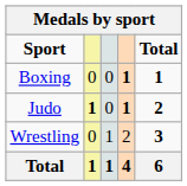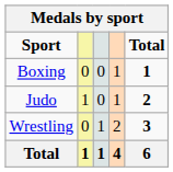 <table class="wikitable" style="font-size:85%; float:right;">
 <tr style="background:#efefef;">
 <th colspan=5><strong>Medals by sport</strong></th>
 </tr>
 <tr align=center>
 <td><strong>Sport</strong></td>
 <td style="background:#f7f6a8;"></td>
 <td style="background:#dce5e5;"></td>
 <td style="background:#ffdab9;"></td>
 <td><strong>Total</strong></td>
 </tr>
 <tr align=center>
 <td><a href='#'>Boxing</a></td>
 <td style="background:#f7f6a8;">0</td>
 <td style="background:#dce5e5;">0</td>
-<td style="background:#ffdab9;"><strong>1</strong></td>
+<td style="background:#ffdab9;">1</td>
 <td><strong>1</strong></td>
 </tr>
 <tr align=center>
 <td><a href='#'>Judo</a></td>
-<td style="background:#f7f6a8;"><strong>1</strong></td>
+<td style="background:#f7f6a8;">1</td>
 <td style="background:#dce5e5;">0</td>
-<td style="background:#ffdab9;"><strong>1</strong></td>
+<td style="background:#ffdab9;">1</td>
 <td><strong>2</strong></td>
 </tr>
 <tr align=center>
 <td><a href='#'>Wrestling</a></td>
 <td style="background:#f7f6a8;">0</td>
 <td style="background:#dce5e5;">1</td>
 <td style="background:#ffdab9;">2</td>
 <td><strong>3</strong></td>
 </tr>
 <tr class="sortbottom">
 <th>Total</th>
 <th style="background:#f7f6a8;"><strong>1</strong></th>
 <th style="background:#dce5e5;"><strong>1</strong></th>
 <th style="background:#ffdab9;"><strong>4</strong></th>
 <th><strong>6</strong></th>
 </tr>
 </table>
